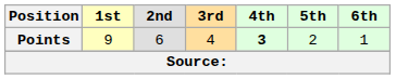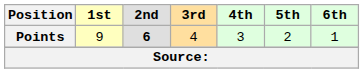 <table class="wikitable" style="font-size: 85%; text-align:center">
 <tr>
 <th>Position</th>
 <th style="background-color:#ffffbf"> 1st </th>
 <th style="background-color:#dfdfdf"> 2nd </th>
 <th style="background-color:#ffdf9f"> 3rd </th>
 <th style="background-color:#dfffdf"> 4th </th>
 <th style="background-color:#dfffdf"> 5th </th>
 <th style="background-color:#dfffdf"> 6th </th>
 </tr>
 <tr>
 <th>Points</th>
 <td style="background-color:#ffffbf">9</td>
-<td style="background-color:#dfdfdf">6</td>
+<td style="background-color:#dfdfdf"><strong>6</strong></td>
 <td style="background-color:#ffdf9f">4</td>
-<td style="background-color:#dfffdf"><strong>3</strong></td>
+<td style="background-color:#dfffdf">3</td>
 <td style="background-color:#dfffdf">2</td>
 <td style="background-color:#dfffdf">1</td>
 </tr>
 <tr>
 </tr>
 <tr class="sortbottom">
 <th colspan="7">Source:</th>
 </tr>
 </table>
